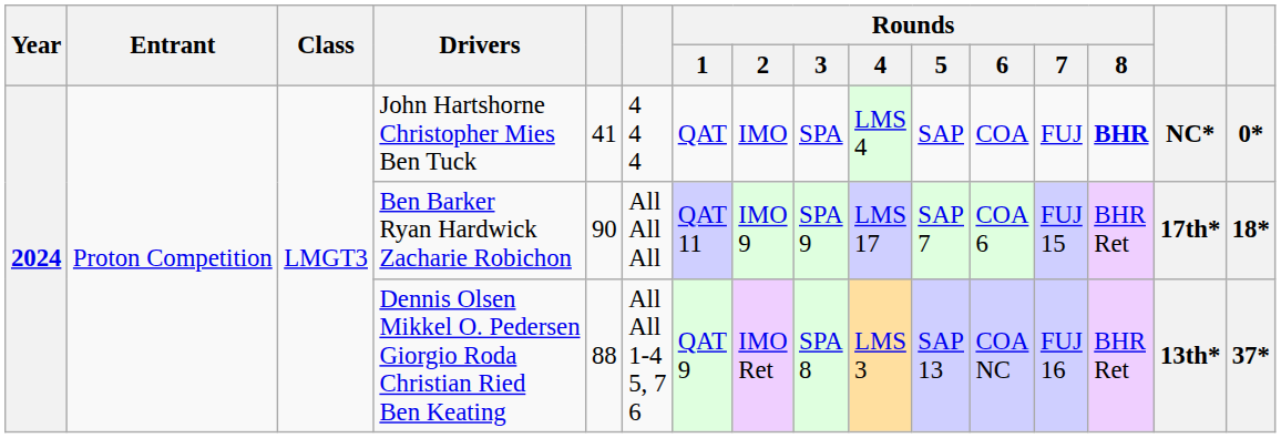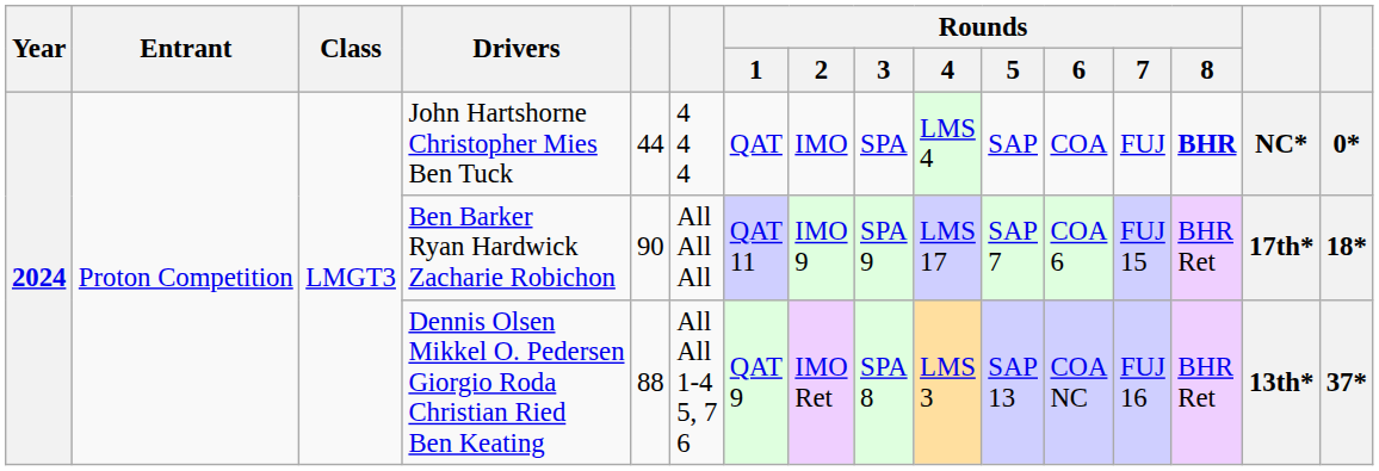 <table class="wikitable">
 <tr>
 <th rowspan="2">Year</th>
 <th rowspan="2">Entrant</th>
 <th rowspan="2">Class</th>
 <th rowspan="2">Drivers</th>
 <th rowspan="2"></th>
 <th rowspan="2"></th>
 <th colspan="8">Rounds</th>
 <th rowspan="2"></th>
 <th rowspan="2"></th>
 </tr>
 <tr>
 <th>1</th>
 <th>2</th>
 <th>3</th>
 <th>4</th>
 <th>5</th>
 <th>6</th>
 <th>7</th>
 <th>8</th>
 </tr>
 <tr>
 <th rowspan="3"><a href='#'>2024</a></th>
 <td rowspan="3"> <a href='#'>Proton Competition</a></td>
 <td rowspan="3"><a href='#'>LMGT3</a></td>
 <td> John Hartshorne<br> <a href='#'>Christopher Mies</a><br> Ben Tuck</td>
-<td>41</td>
+<td>44</td>
 <td>4<br>4<br>4</td>
 <td><a href='#'>QAT</a><br></td>
 <td><a href='#'>IMO</a><br></td>
 <td><a href='#'>SPA</a><br></td>
 <td style="background:#DFFFDF;"><a href='#'>LMS</a><br>4</td>
 <td><a href='#'>SAP</a><br></td>
 <td><a href='#'>COA</a><br></td>
 <td><a href='#'>FUJ</a><br></td>
 <td><strong><a href='#'>BHR</a><br></strong></td>
 <th>NC*</th>
 <th>0*</th>
 </tr>
 <tr>
 <td> <a href='#'>Ben Barker</a><br> Ryan Hardwick<br> <a href='#'>Zacharie Robichon</a></td>
 <td>90</td>
 <td>All<br>All<br>All</td>
 <td style="background:#CFCFFF;”"><a href='#'>QAT</a><br>11</td>
 <td style="background:#DFFFDF;"><a href='#'>IMO</a><br>9</td>
 <td style="background:#DFFFDF;"><a href='#'>SPA</a><br>9</td>
 <td style="background:#CFCFFF;”"><a href='#'>LMS</a><br>17</td>
 <td style="background:#DFFFDF;"><a href='#'>SAP</a><br>7</td>
 <td style="background:#DFFFDF;"><a href='#'>COA</a><br>6</td>
 <td style="background:#CFCFFF;”"><a href='#'>FUJ</a><br>15</td>
 <td style="background:#EFCFFF;"><a href='#'>BHR</a><br>Ret</td>
 <th>17th*</th>
 <th>18*</th>
 </tr>
 <tr>
 <td> <a href='#'>Dennis Olsen</a><br> <a href='#'>Mikkel O. Pedersen</a><br> <a href='#'>Giorgio Roda</a><br> <a href='#'>Christian Ried</a><br> <a href='#'>Ben Keating</a></td>
 <td>88</td>
 <td>All<br>All<br>1-4<br>5, 7<br>6</td>
 <td style="background:#DFFFDF;"><a href='#'>QAT</a><br>9</td>
 <td style="background:#EFCFFF;"><a href='#'>IMO</a><br>Ret</td>
 <td style="background:#DFFFDF;"><a href='#'>SPA</a><br>8</td>
 <td style="background:#FFDF9F;”"><a href='#'>LMS</a><br>3</td>
 <td style="background:#CFCFFF;”"><a href='#'>SAP</a><br>13</td>
 <td style="background:#CFCFFF;”"><a href='#'>COA</a><br>NC</td>
 <td style="background:#CFCFFF;”"><a href='#'>FUJ</a><br>16</td>
 <td style="background:#EFCFFF;"><a href='#'>BHR</a><br>Ret</td>
 <th>13th*</th>
 <th>37*</th>
 </tr>
 </table>
